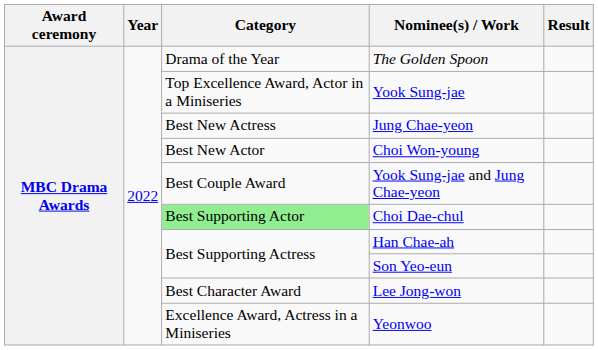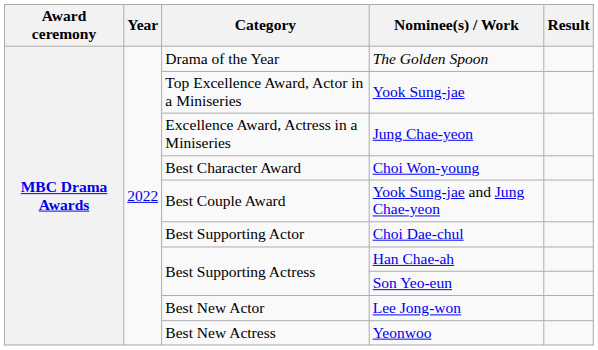 <table class="wikitable sortable plainrowheaders">
 <tr>
 <th scope="col">Award ceremony </th>
 <th scope="col">Year</th>
 <th scope="col">Category </th>
 <th scope="col">Nominee(s) / Work</th>
 <th scope="col">Result</th>
 </tr>
 <tr>
 <th scope="row" rowspan="10"><a href='#'>MBC Drama Awards</a></th>
 <td rowspan="10" style="text-align:center"><a href='#'>2022</a></td>
 <td>Drama of the Year</td>
 <td><em>The Golden Spoon</em></td>
 <td></td>
 </tr>
 <tr>
 <td>Top Excellence Award, Actor in a Miniseries</td>
 <td><a href='#'>Yook Sung-jae</a></td>
 <td></td>
 </tr>
 <tr>
-<td>Best New Actress</td>
+<td>Excellence Award, Actress in a Miniseries</td>
 <td><a href='#'>Jung Chae-yeon</a></td>
 <td></td>
 </tr>
 <tr>
-<td>Best New Actor</td>
+<td>Best Character Award</td>
 <td><a href='#'>Choi Won-young</a></td>
 <td></td>
 </tr>
 <tr>
 <td>Best Couple Award</td>
 <td><a href='#'>Yook Sung-jae</a> and <a href='#'>Jung Chae-yeon</a></td>
 <td></td>
 </tr>
 <tr>
-<td style="background: lightgreen;">Best Supporting Actor</td>
+<td>Best Supporting Actor</td>
 <td><a href='#'>Choi Dae-chul</a></td>
 <td></td>
 </tr>
 <tr>
 <td rowspan="2">Best Supporting Actress</td>
 <td><a href='#'>Han Chae-ah</a></td>
 <td></td>
 </tr>
 <tr>
 <td><a href='#'>Son Yeo-eun</a></td>
 <td></td>
 </tr>
 <tr>
-<td>Best Character Award</td>
+<td>Best New Actor</td>
 <td><a href='#'>Lee Jong-won</a></td>
 <td></td>
 </tr>
 <tr>
-<td>Excellence Award, Actress in a Miniseries</td>
+<td>Best New Actress</td>
 <td><a href='#'>Yeonwoo</a></td>
 <td></td>
 </tr>
 </table>
